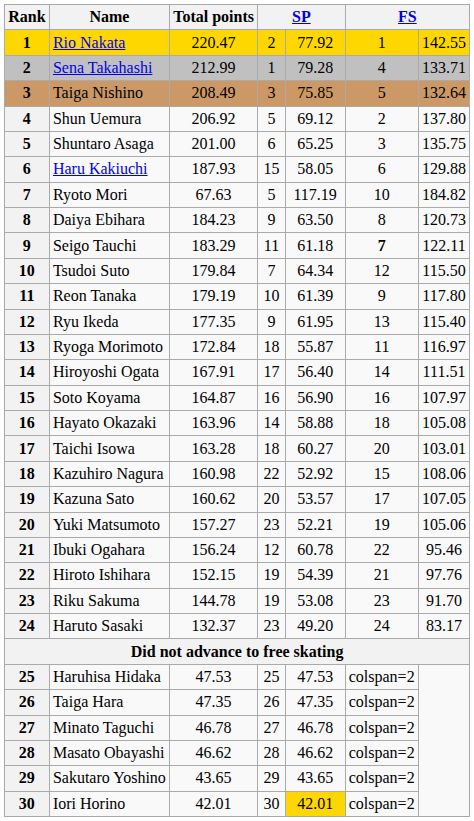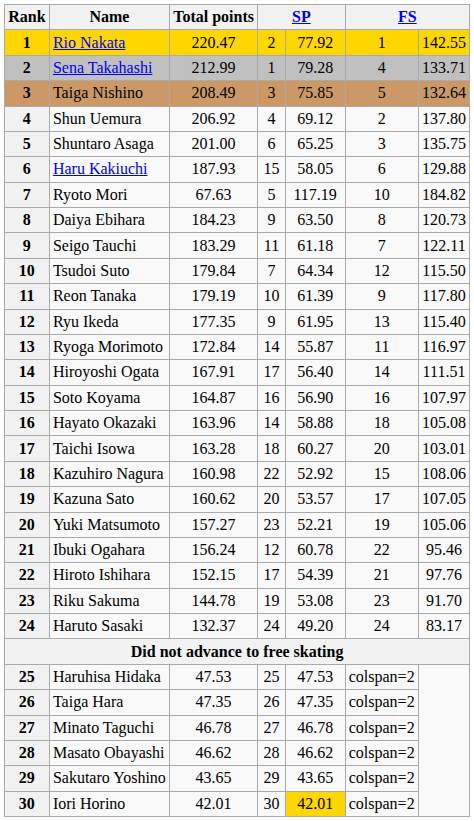 <table class="wikitable sortable">
 <tr>
 <th>Rank</th>
 <th>Name</th>
 <th>Total points</th>
 <th colspan="2" width="80px"><a href='#'>SP</a></th>
 <th colspan="2" width="80px"><a href='#'>FS</a></th>
 </tr>
 <tr bgcolor="gold">
 <td align="center"><strong>1</strong></td>
 <td><a href='#'>Rio Nakata</a></td>
 <td align="center">220.47</td>
 <td align="center">2</td>
 <td align="center">77.92</td>
 <td align="center">1</td>
 <td align="center">142.55</td>
 </tr>
 <tr bgcolor="silver">
 <td align="center"><strong>2</strong></td>
 <td><a href='#'>Sena Takahashi</a></td>
 <td align="center">212.99</td>
 <td align="center">1</td>
 <td align="center">79.28</td>
 <td align="center">4</td>
 <td align="center">133.71</td>
 </tr>
 <tr bgcolor="cc9966">
 <td align="center"><strong>3</strong></td>
 <td>Taiga Nishino</td>
 <td align="center">208.49</td>
 <td align="center">3</td>
 <td align="center">75.85</td>
 <td align="center">5</td>
 <td align="center">132.64</td>
 </tr>
 <tr>
 <th>4</th>
 <td>Shun Uemura</td>
 <td align="center">206.92</td>
-<td align="center">5</td>
+<td align="center">4</td>
 <td align="center">69.12</td>
 <td align="center">2</td>
 <td align="center">137.80</td>
 </tr>
 <tr>
 <th>5</th>
 <td>Shuntaro Asaga</td>
 <td align="center">201.00</td>
 <td align="center">6</td>
 <td align="center">65.25</td>
 <td align="center">3</td>
 <td align="center">135.75</td>
 </tr>
 <tr>
 <th>6</th>
 <td><a href='#'>Haru Kakiuchi</a></td>
 <td align="center">187.93</td>
 <td align="center">15</td>
 <td align="center">58.05</td>
 <td align="center">6</td>
 <td align="center">129.88</td>
 </tr>
 <tr>
 <th>7</th>
 <td>Ryoto Mori</td>
 <td align="center">67.63</td>
 <td align="center">5</td>
 <td align="center">117.19</td>
 <td align="center">10</td>
 <td align="center">184.82</td>
 </tr>
 <tr>
 <th>8</th>
 <td>Daiya Ebihara</td>
 <td align="center">184.23</td>
 <td align="center">9</td>
 <td align="center">63.50</td>
 <td align="center">8</td>
 <td align="center">120.73</td>
 </tr>
 <tr>
 <th>9</th>
 <td>Seigo Tauchi</td>
 <td align="center">183.29</td>
 <td align="center">11</td>
 <td align="center">61.18</td>
-<td align="center"><strong>7</strong></td>
+<td align="center">7</td>
 <td align="center">122.11</td>
 </tr>
 <tr>
 <th>10</th>
 <td>Tsudoi Suto</td>
 <td align="center">179.84</td>
 <td align="center">7</td>
 <td align="center">64.34</td>
 <td align="center">12</td>
 <td align="center">115.50</td>
 </tr>
 <tr>
 <th>11</th>
 <td>Reon Tanaka</td>
 <td align="center">179.19</td>
 <td align="center">10</td>
 <td align="center">61.39</td>
 <td align="center">9</td>
 <td align="center">117.80</td>
 </tr>
 <tr>
 <th>12</th>
 <td>Ryu Ikeda</td>
 <td align="center">177.35</td>
 <td align="center">9</td>
 <td align="center">61.95</td>
 <td align="center">13</td>
 <td align="center">115.40</td>
 </tr>
 <tr>
 <th>13</th>
 <td>Ryoga Morimoto</td>
 <td align="center">172.84</td>
-<td align="center">18</td>
+<td align="center">14</td>
 <td align="center">55.87</td>
 <td align="center">11</td>
 <td align="center">116.97</td>
 </tr>
 <tr>
 <th>14</th>
 <td>Hiroyoshi Ogata</td>
 <td align="center">167.91</td>
 <td align="center">17</td>
 <td align="center">56.40</td>
 <td align="center">14</td>
 <td align="center">111.51</td>
 </tr>
 <tr>
 <th>15</th>
 <td>Soto Koyama</td>
 <td align="center">164.87</td>
 <td align="center">16</td>
 <td align="center">56.90</td>
 <td align="center">16</td>
 <td align="center">107.97</td>
 </tr>
 <tr>
 <th>16</th>
 <td>Hayato Okazaki</td>
 <td align="center">163.96</td>
 <td align="center">14</td>
 <td align="center">58.88</td>
 <td align="center">18</td>
 <td align="center">105.08</td>
 </tr>
 <tr>
 <th>17</th>
 <td>Taichi Isowa</td>
 <td align="center">163.28</td>
 <td align="center">18</td>
 <td align="center">60.27</td>
 <td align="center">20</td>
 <td align="center">103.01</td>
 </tr>
 <tr>
 <th>18</th>
 <td>Kazuhiro Nagura</td>
 <td align="center">160.98</td>
 <td align="center">22</td>
 <td align="center">52.92</td>
 <td align="center">15</td>
 <td align="center">108.06</td>
 </tr>
 <tr>
 <th>19</th>
 <td>Kazuna Sato</td>
 <td align="center">160.62</td>
 <td align="center">20</td>
 <td align="center">53.57</td>
 <td align="center">17</td>
 <td align="center">107.05</td>
 </tr>
 <tr>
 <th>20</th>
 <td>Yuki Matsumoto</td>
 <td align="center">157.27</td>
 <td align="center">23</td>
 <td align="center">52.21</td>
 <td align="center">19</td>
 <td align="center">105.06</td>
 </tr>
 <tr>
 <th>21</th>
 <td>Ibuki Ogahara</td>
 <td align="center">156.24</td>
 <td align="center">12</td>
 <td align="center">60.78</td>
 <td align="center">22</td>
 <td align="center">95.46</td>
 </tr>
 <tr>
 <th>22</th>
 <td>Hiroto Ishihara</td>
 <td align="center">152.15</td>
-<td align="center">19</td>
+<td align="center">17</td>
 <td align="center">54.39</td>
 <td align="center">21</td>
 <td align="center">97.76</td>
 </tr>
 <tr>
 <th>23</th>
 <td>Riku Sakuma</td>
 <td align="center">144.78</td>
 <td align="center">19</td>
 <td align="center">53.08</td>
 <td align="center">23</td>
 <td align="center">91.70</td>
 </tr>
 <tr>
 <th>24</th>
 <td>Haruto Sasaki</td>
 <td align="center">132.37</td>
-<td align="center">23</td>
+<td align="center">24</td>
 <td align="center">49.20</td>
 <td align="center">24</td>
 <td align="center">83.17</td>
 </tr>
 <tr>
 <th colspan=8>Did not advance to free skating</th>
 </tr>
 <tr>
 <th>25</th>
 <td>Haruhisa Hidaka</td>
 <td align="center">47.53</td>
 <td align="center">25</td>
 <td align="center">47.53</td>
 <td>colspan=2 </td>
 </tr>
 <tr>
 <th>26</th>
 <td>Taiga Hara</td>
 <td align="center">47.35</td>
 <td align="center">26</td>
 <td align="center">47.35</td>
 <td>colspan=2 </td>
 </tr>
 <tr>
 <th>27</th>
 <td>Minato Taguchi</td>
 <td align="center">46.78</td>
 <td align="center">27</td>
 <td align="center">46.78</td>
 <td>colspan=2 </td>
 </tr>
 <tr>
 <th>28</th>
 <td>Masato Obayashi</td>
 <td align="center">46.62</td>
 <td align="center">28</td>
 <td align="center">46.62</td>
 <td>colspan=2 </td>
 </tr>
 <tr>
 <th>29</th>
 <td>Sakutaro Yoshino</td>
 <td align="center">43.65</td>
 <td align="center">29</td>
 <td align="center">43.65</td>
 <td>colspan=2 </td>
 </tr>
 <tr>
 <th>30</th>
 <td>Iori Horino</td>
 <td align="center">42.01</td>
 <td align="center">30</td>
 <td align="center" style="background: gold;">42.01</td>
 <td>colspan=2 </td>
 </tr>
 </table>
